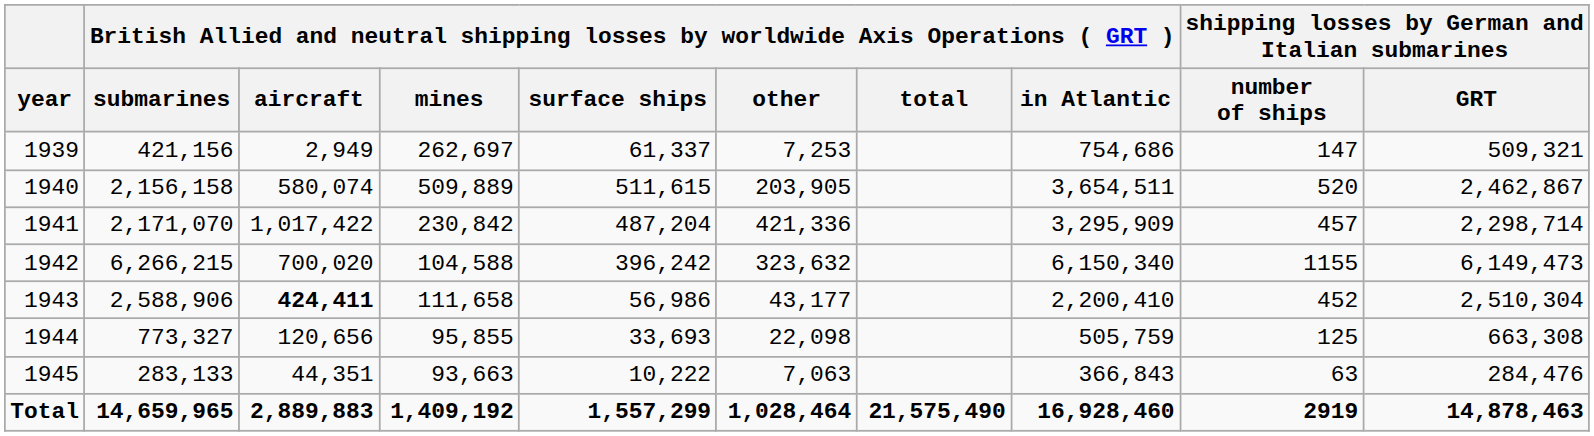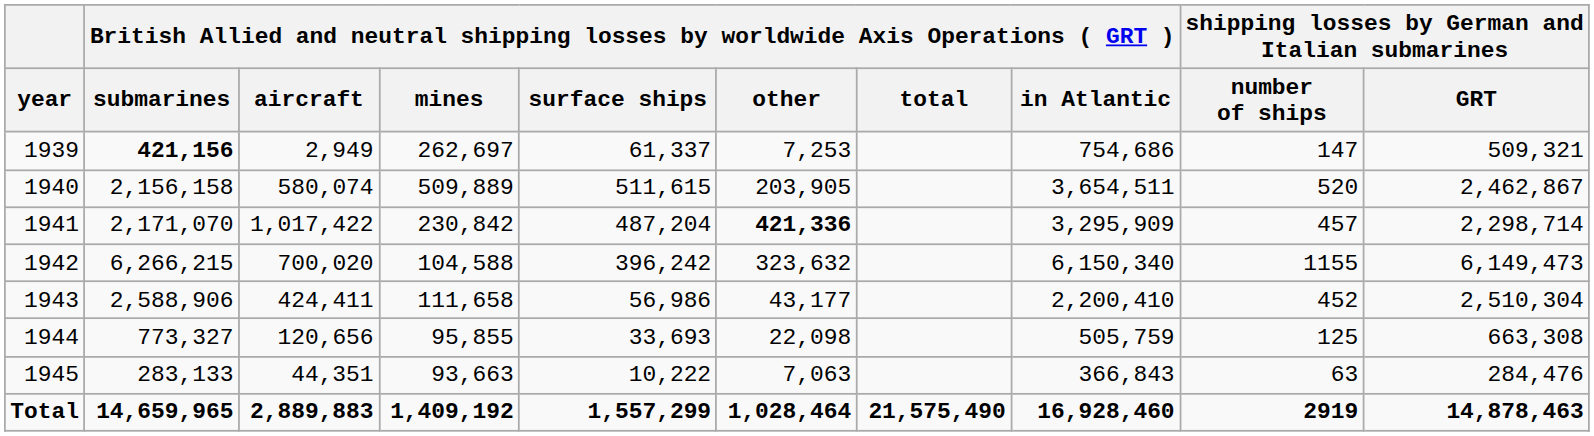 <table class="wikitable" style="text-align:right;">
 <tr>
 <th></th>
 <th colspan="7">British Allied and neutral shipping losses by worldwide Axis Operations ( <a href='#'>GRT</a> )</th>
 <th colspan="2">shipping losses by German and<br>Italian submarines</th>
 </tr>
 <tr>
 <th>year</th>
 <th>submarines</th>
 <th>aircraft</th>
 <th>mines</th>
 <th>surface ships</th>
 <th>other</th>
 <th>total</th>
 <th>in Atlantic</th>
 <th>number<br> of ships</th>
 <th>GRT</th>
 </tr>
 <tr>
 <td>1939</td>
-<td>421,156</td>
+<td><strong>421,156</strong></td>
 <td>2,949</td>
 <td>262,697</td>
 <td>61,337</td>
 <td>7,253</td>
 <td><strong></strong></td>
 <td>754,686</td>
 <td>147</td>
 <td>509,321</td>
 </tr>
 <tr>
 <td>1940</td>
 <td>2,156,158</td>
 <td>580,074</td>
 <td>509,889</td>
 <td>511,615</td>
 <td>203,905</td>
 <td><strong></strong></td>
 <td>3,654,511</td>
 <td>520</td>
 <td>2,462,867</td>
 </tr>
 <tr>
 <td>1941</td>
 <td>2,171,070</td>
 <td>1,017,422</td>
 <td>230,842</td>
 <td>487,204</td>
-<td>421,336</td>
+<td><strong>421,336</strong></td>
 <td><strong></strong></td>
 <td>3,295,909</td>
 <td>457</td>
 <td>2,298,714</td>
 </tr>
 <tr>
 <td>1942</td>
 <td>6,266,215</td>
 <td>700,020</td>
 <td>104,588</td>
 <td>396,242</td>
 <td>323,632</td>
 <td><strong></strong></td>
 <td>6,150,340</td>
 <td>1155</td>
 <td>6,149,473</td>
 </tr>
 <tr>
 <td>1943</td>
 <td>2,588,906</td>
-<td><strong>424,411</strong></td>
+<td>424,411</td>
 <td>111,658</td>
 <td>56,986</td>
 <td>43,177</td>
 <td><strong></strong></td>
 <td>2,200,410</td>
 <td>452</td>
 <td>2,510,304</td>
 </tr>
 <tr>
 <td>1944</td>
 <td>773,327</td>
 <td>120,656</td>
 <td>95,855</td>
 <td>33,693</td>
 <td>22,098</td>
 <td><strong></strong></td>
 <td>505,759</td>
 <td>125</td>
 <td>663,308</td>
 </tr>
 <tr>
 <td>1945</td>
 <td>283,133</td>
 <td>44,351</td>
 <td>93,663</td>
 <td>10,222</td>
 <td>7,063</td>
 <td><strong></strong></td>
 <td>366,843</td>
 <td>63</td>
 <td>284,476</td>
 </tr>
 <tr>
 <td><strong>Total</strong></td>
 <td><strong>14,659,965</strong></td>
 <td><strong>2,889,883</strong></td>
 <td><strong>1,409,192</strong></td>
 <td><strong>1,557,299</strong></td>
 <td><strong>1,028,464</strong></td>
 <td><strong>21,575,490</strong></td>
 <td><strong>16,928,460</strong></td>
 <td><strong>2919</strong></td>
 <td><strong>14,878,463</strong></td>
 </tr>
 </table>
